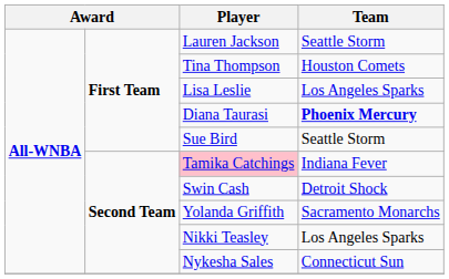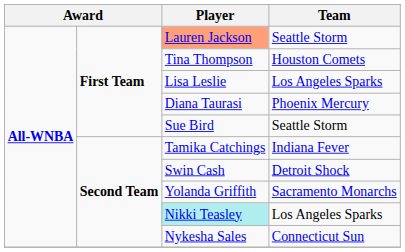 <table class="wikitable">
 <tr>
 <th colspan=2>Award</th>
 <th>Player</th>
 <th>Team</th>
 </tr>
 <tr>
 <td rowspan=10><strong><a href='#'>All-WNBA</a></strong></td>
 <td rowspan=5><strong>First Team</strong></td>
-<td><a href='#'>Lauren Jackson</a></td>
+<td style="background: lightsalmon;"><a href='#'>Lauren Jackson</a></td>
 <td><a href='#'>Seattle Storm</a></td>
 </tr>
 <tr>
 <td><a href='#'>Tina Thompson</a></td>
 <td><a href='#'>Houston Comets</a></td>
 </tr>
 <tr>
 <td><a href='#'>Lisa Leslie</a></td>
 <td><a href='#'>Los Angeles Sparks</a></td>
 </tr>
 <tr>
 <td><a href='#'>Diana Taurasi</a></td>
-<td><strong><a href='#'>Phoenix Mercury</a></strong></td>
+<td><a href='#'>Phoenix Mercury</a></td>
 </tr>
 <tr>
 <td><a href='#'>Sue Bird</a></td>
 <td>Seattle Storm</td>
 </tr>
 <tr>
 <td rowspan=5><strong>Second Team</strong></td>
-<td style="background: pink;"><a href='#'>Tamika Catchings</a></td>
+<td><a href='#'>Tamika Catchings</a></td>
 <td><a href='#'>Indiana Fever</a></td>
 </tr>
 <tr>
 <td><a href='#'>Swin Cash</a></td>
 <td><a href='#'>Detroit Shock</a></td>
 </tr>
 <tr>
 <td><a href='#'>Yolanda Griffith</a></td>
 <td><a href='#'>Sacramento Monarchs</a></td>
 </tr>
 <tr>
-<td><a href='#'>Nikki Teasley</a></td>
+<td style="background: paleturquoise;"><a href='#'>Nikki Teasley</a></td>
 <td>Los Angeles Sparks</td>
 </tr>
 <tr>
 <td><a href='#'>Nykesha Sales</a></td>
 <td><a href='#'>Connecticut Sun</a></td>
 </tr>
 <tr>
 </tr>
 </table>
